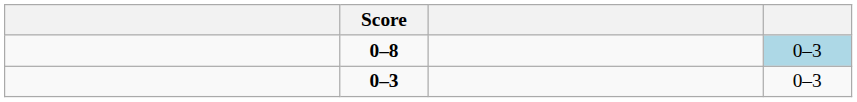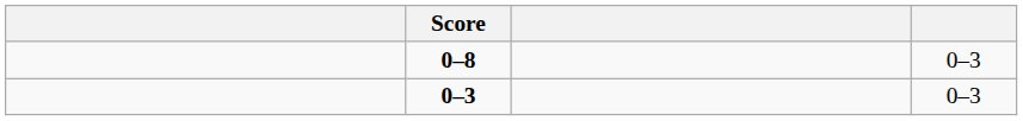 <table class="wikitable" style="text-align: center; ">
 <tr>
 <th align="right" width="270"></th>
 <th width="65">Score</th>
 <th align="left" width="270"></th>
 <th width="65"></th>
 </tr>
 <tr>
 <td align="left"></td>
 <td><strong>0–8</strong></td>
 <td align="left"><strong></strong></td>
-<td style="background: lightblue;">0–3 <strong></strong></td>
+<td>0–3 <strong></strong></td>
 </tr>
 <tr>
 <td align="left"></td>
 <td><strong>0–3</strong></td>
 <td align="left"><strong></strong></td>
 <td>0–3 <strong></strong></td>
 </tr>
 </table>
